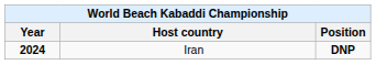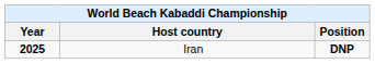 <table class="wikitable" style="text-align: center;">
 <tr>
 <th colspan=3 style="background-color: #ddeeff;">World Beach Kabaddi Championship</th>
 </tr>
 <tr>
 <th style="width: 70px;">Year</th>
 <th style="width: 350px;">Host country</th>
 <th style="width: 70px;">Position</th>
 </tr>
 <tr>
-<td><strong>2024</strong></td>
+<td><strong>2025</strong></td>
 <td style="text-align: center; padding-left: 20px;"> Iran</td>
 <td><strong>DNP</strong></td>
 </tr>
 </table>
